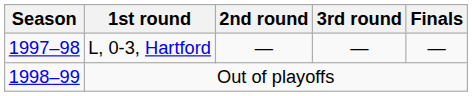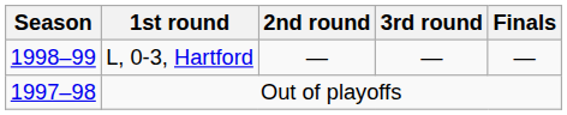 <table class="wikitable" style="text-align:center">
 <tr>
 <th>Season</th>
 <th>1st round</th>
 <th>2nd round</th>
 <th>3rd round</th>
 <th>Finals</th>
 </tr>
 <tr>
-<td><a href='#'>1997–98</a></td>
+<td><a href='#'>1998–99</a></td>
 <td>L, 0-3, <a href='#'>Hartford</a></td>
 <td>—</td>
 <td>—</td>
 <td>—</td>
 </tr>
 <tr>
-<td><a href='#'>1998–99</a></td>
+<td><a href='#'>1997–98</a></td>
 <td colspan="4">Out of playoffs</td>
 </tr>
 </table>
